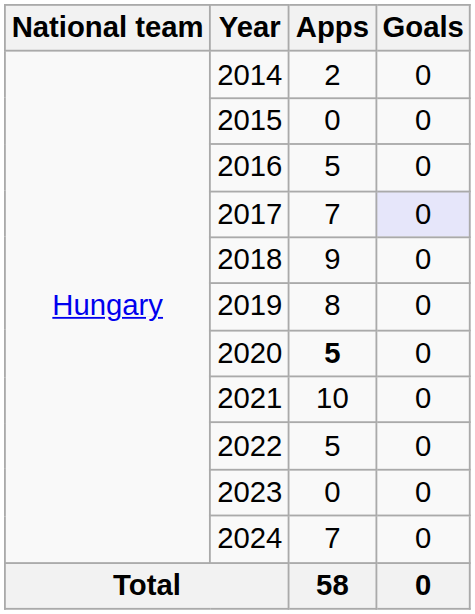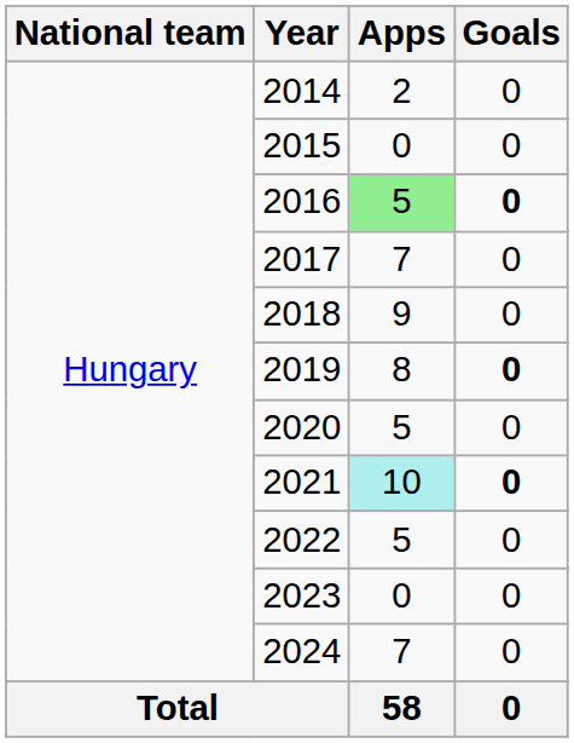 <table class="wikitable" style="text-align:center">
 <tr>
 <th>National team</th>
 <th>Year</th>
 <th>Apps</th>
 <th>Goals</th>
 </tr>
 <tr>
 <td rowspan="11"><a href='#'>Hungary</a></td>
 <td>2014</td>
 <td>2</td>
 <td>0</td>
 </tr>
 <tr>
 <td>2015</td>
 <td>0</td>
 <td>0</td>
 </tr>
 <tr>
 <td>2016</td>
-<td>5</td>
-<td>0</td>
+<td style="background: lightgreen;">5</td>
+<td><strong>0</strong></td>
 </tr>
 <tr>
 <td>2017</td>
 <td>7</td>
-<td style="background: lavender;">0</td>
+<td>0</td>
 </tr>
 <tr>
 <td>2018</td>
 <td>9</td>
 <td>0</td>
 </tr>
 <tr>
 <td>2019</td>
 <td>8</td>
-<td>0</td>
+<td><strong>0</strong></td>
 </tr>
 <tr>
 <td>2020</td>
-<td><strong>5</strong></td>
+<td>5</td>
 <td>0</td>
 </tr>
 <tr>
 <td>2021</td>
-<td>10</td>
-<td>0</td>
+<td style="background: paleturquoise;">10</td>
+<td><strong>0</strong></td>
 </tr>
 <tr>
 <td>2022</td>
 <td>5</td>
 <td>0</td>
 </tr>
 <tr>
 <td>2023</td>
 <td>0</td>
 <td>0</td>
 </tr>
 <tr>
 <td>2024</td>
 <td>7</td>
 <td>0</td>
 </tr>
 <tr>
 <th colspan="2">Total</th>
 <th>58</th>
 <th>0</th>
 </tr>
 </table>
